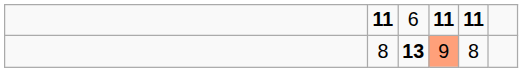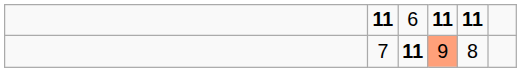 <table class="wikitable">
 <tr>
 <td style="width:18em"><strong></strong></td>
 <td align=center style="width:1em"><strong>11</strong></td>
 <td align=center style="width:1em">6</td>
 <td align=center style="width:1em"><strong>11</strong></td>
 <td align=center style="width:1em"><strong>11</strong></td>
 <td align=center style="width:1em"></td>
 </tr>
 <tr>
 <td style="width:18em"></td>
-<td align=center style="width:1em">8</td>
-<td align=center style="width:1em"><strong>13</strong></td>
+<td align=center style="width:1em">7</td>
+<td align=center style="width:1em"><strong>11</strong></td>
 <td align=center style="background: lightsalmon; width:1em">9</td>
 <td align=center style="width:1em">8</td>
 <td align=center style="width:1em"></td>
 </tr>
 </table>
